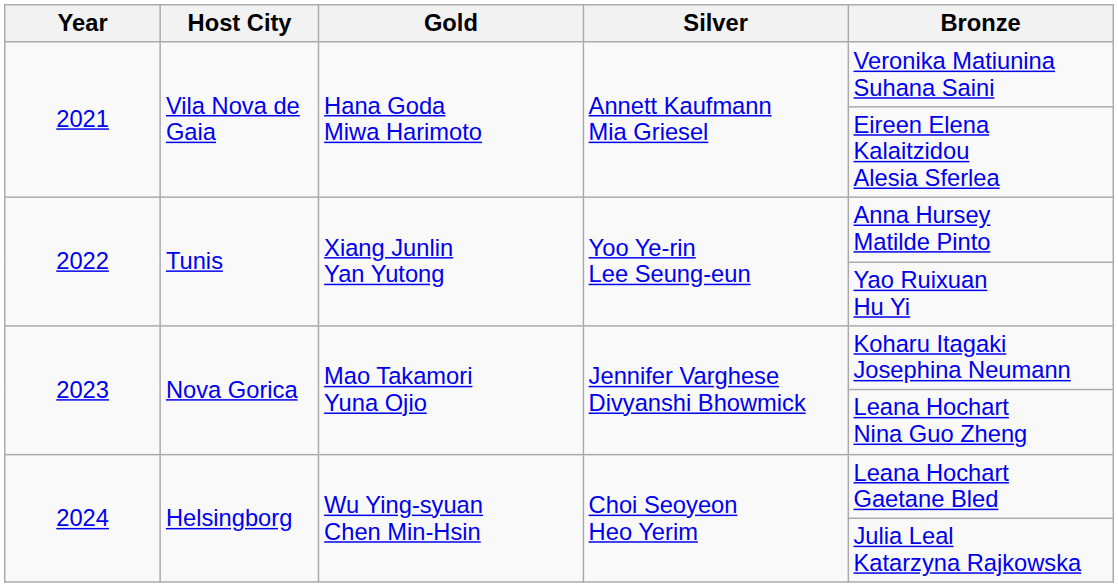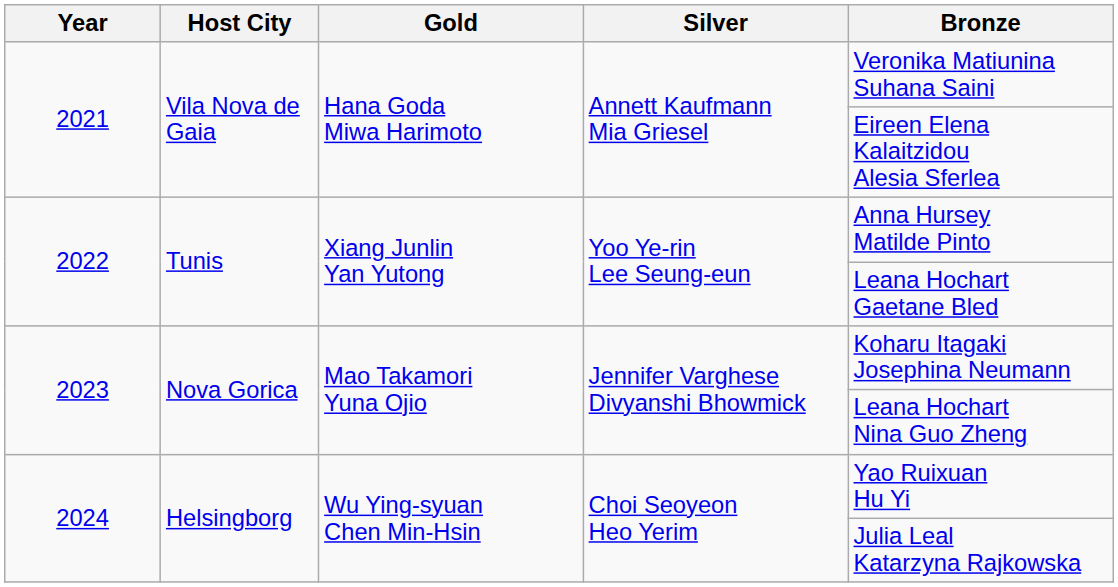 <table class="wikitable" style="text-align: left; width: 750px;">
 <tr>
 <th width="100">Year</th>
 <th width="100">Host City</th>
 <th width="175">Gold</th>
 <th width="175">Silver</th>
 <th width="175">Bronze</th>
 </tr>
 <tr>
 <td rowspan="2" style="text-align: center;"><a href='#'>2021</a></td>
 <td rowspan="2"><a href='#'>Vila Nova de Gaia</a></td>
 <td rowspan="2"> <a href='#'>Hana Goda</a><br> <a href='#'>Miwa Harimoto</a></td>
 <td rowspan="2"> <a href='#'>Annett Kaufmann</a><br> <a href='#'>Mia Griesel</a></td>
 <td> <a href='#'>Veronika Matiunina</a><br> <a href='#'>Suhana Saini</a></td>
 </tr>
 <tr>
 <td> <a href='#'>Eireen Elena Kalaitzidou</a><br> <a href='#'>Alesia Sferlea</a></td>
 </tr>
 <tr>
 <td rowspan="2" style="text-align: center;"><a href='#'>2022</a></td>
 <td rowspan="2"><a href='#'>Tunis</a></td>
 <td rowspan="2"> <a href='#'>Xiang Junlin</a><br> <a href='#'>Yan Yutong</a></td>
 <td rowspan="2"> <a href='#'>Yoo Ye-rin</a><br> <a href='#'>Lee Seung-eun</a></td>
 <td> <a href='#'>Anna Hursey</a><br> <a href='#'>Matilde Pinto</a></td>
 </tr>
 <tr>
-<td> <a href='#'>Yao Ruixuan</a><br> <a href='#'>Hu Yi</a></td>
+<td> <a href='#'>Leana Hochart</a><br> <a href='#'>Gaetane Bled</a></td>
 </tr>
 <tr>
 <td rowspan="2" style="text-align: center;"><a href='#'>2023</a></td>
 <td rowspan="2"><a href='#'>Nova Gorica</a></td>
 <td rowspan=2> <a href='#'>Mao Takamori</a><br> <a href='#'>Yuna Ojio</a></td>
 <td rowspan=2> <a href='#'>Jennifer Varghese</a><br> <a href='#'>Divyanshi Bhowmick</a></td>
 <td> <a href='#'>Koharu Itagaki</a><br> <a href='#'>Josephina Neumann</a></td>
 </tr>
 <tr>
 <td> <a href='#'>Leana Hochart</a><br> <a href='#'>Nina Guo Zheng</a></td>
 </tr>
 <tr>
 <td rowspan="2" style="text-align: center;"><a href='#'>2024</a></td>
 <td rowspan="2"><a href='#'>Helsingborg</a></td>
 <td rowspan="2"> <a href='#'>Wu Ying-syuan</a><br> <a href='#'>Chen Min-Hsin</a></td>
 <td rowspan="2"> <a href='#'>Choi Seoyeon</a><br> <a href='#'>Heo Yerim</a></td>
-<td> <a href='#'>Leana Hochart</a><br> <a href='#'>Gaetane Bled</a></td>
+<td> <a href='#'>Yao Ruixuan</a><br> <a href='#'>Hu Yi</a></td>
 </tr>
 <tr>
 <td> <a href='#'>Julia Leal</a><br> <a href='#'>Katarzyna Rajkowska</a></td>
 </tr>
 </table>
